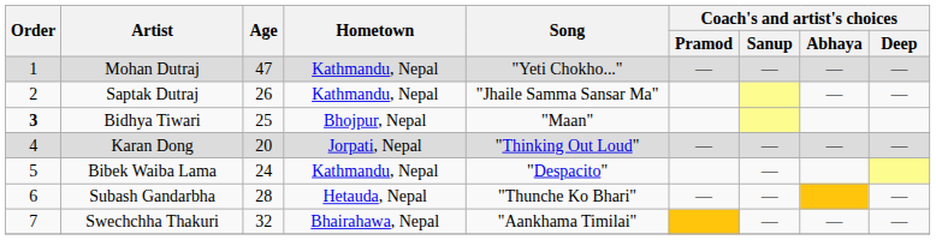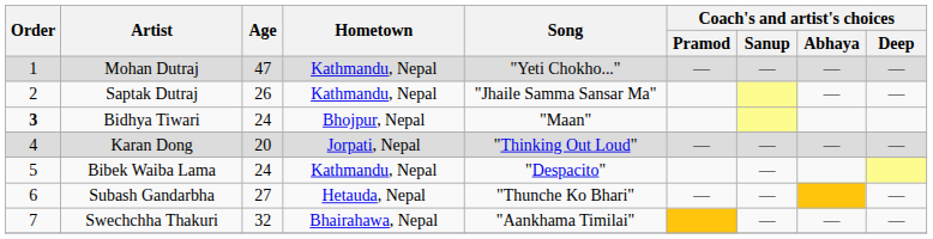 <table class="wikitable plainrowheaders" style="text-align:center; line-height:17px; width:100%;">
 <tr>
 <th scope="col" rowspan="2" style="width:04%;">Order</th>
 <th scope="col" rowspan="2" style="width:18%;">Artist</th>
 <th scope="col" rowspan="2" style="width:04%;">Age</th>
 <th scope="col" rowspan="2" style="width:18%;">Hometown</th>
 <th scope="col" rowspan="2" style="width:20%;">Song</th>
 <th colspan="4">Coach's and artist's choices</th>
 </tr>
 <tr>
 <th scope="col" style="width:06%;">Pramod</th>
 <th scope="col" style="width:06%;">Sanup</th>
 <th scope="col" style="width:06%;">Abhaya</th>
 <th scope="col" style="width:06%;">Deep</th>
 </tr>
 <tr style="background:#DCDCDC;">
 <td scope="row">1</td>
 <td>Mohan Dutraj</td>
 <td>47</td>
 <td><a href='#'>Kathmandu</a>, Nepal</td>
 <td>"Yeti Chokho..."</td>
 <td>—</td>
 <td>—</td>
 <td>—</td>
 <td>—</td>
 </tr>
 <tr>
 <td scope="row">2</td>
 <td>Saptak Dutraj</td>
 <td>26</td>
 <td><a href='#'>Kathmandu</a>, Nepal</td>
 <td>"Jhaile Samma Sansar Ma"</td>
 <td><strong></strong></td>
 <td style="background:#fdfc8f; "><strong></strong></td>
 <td>—</td>
 <td>—</td>
 </tr>
 <tr>
 <td scope="row"><strong>3</strong></td>
 <td>Bidhya Tiwari</td>
-<td>25</td>
+<td>24</td>
 <td><a href='#'>Bhojpur</a>, Nepal</td>
 <td>"Maan"</td>
 <td><strong></strong></td>
 <td style="background:#fdfc8f; "><strong></strong></td>
 <td><strong></strong></td>
 <td><strong></strong></td>
 </tr>
 <tr style="background:#DCDCDC;">
 <td scope="row">4</td>
 <td>Karan Dong</td>
 <td>20</td>
 <td><a href='#'>Jorpati</a>, Nepal</td>
 <td>"<a href='#'>Thinking Out Loud</a>"</td>
 <td>—</td>
 <td>—</td>
 <td>—</td>
 <td>—</td>
 </tr>
 <tr>
 <td scope="row">5</td>
 <td>Bibek Waiba Lama</td>
 <td>24</td>
 <td><a href='#'>Kathmandu</a>, Nepal</td>
 <td>"<a href='#'>Despacito</a>"</td>
 <td><strong></strong></td>
 <td>—</td>
 <td><strong></strong></td>
 <td style="background:#fdfc8f;"><strong></strong></td>
 </tr>
 <tr>
 <td scope="row">6</td>
 <td>Subash Gandarbha</td>
-<td>28</td>
+<td>27</td>
 <td><a href='#'>Hetauda</a>, Nepal</td>
 <td>"Thunche Ko Bhari"</td>
 <td>—</td>
 <td>—</td>
 <td style="background:#ffc40c; "><strong></strong></td>
 <td>—</td>
 </tr>
 <tr>
 <td scope="row">7</td>
 <td>Swechchha Thakuri</td>
 <td>32</td>
 <td><a href='#'>Bhairahawa</a>, Nepal</td>
 <td>"Aankhama Timilai"</td>
 <td style="background:#ffc40c; "><strong></strong></td>
 <td>—</td>
 <td>—</td>
 <td>—</td>
 </tr>
 <tr>
 </tr>
 </table>
